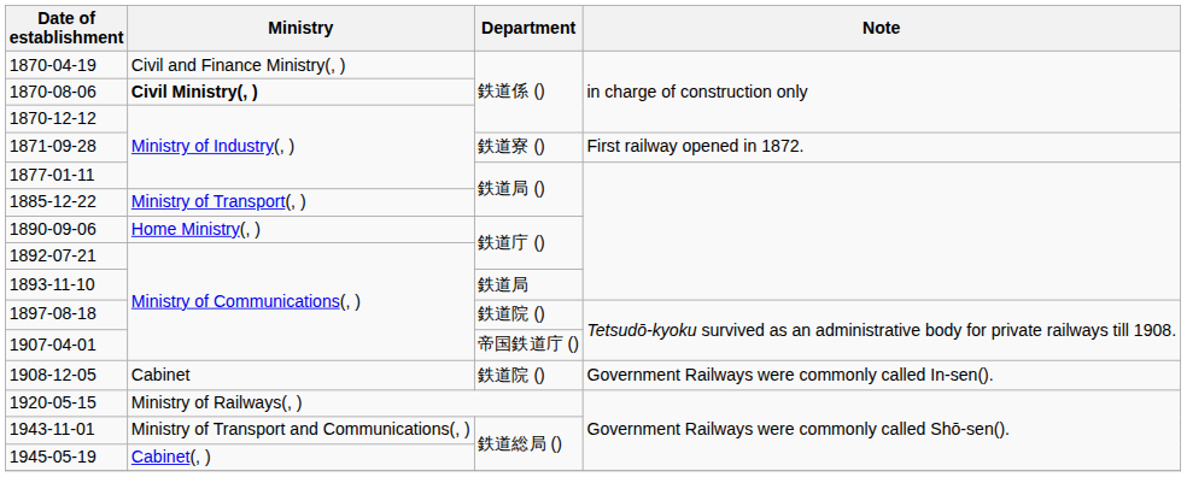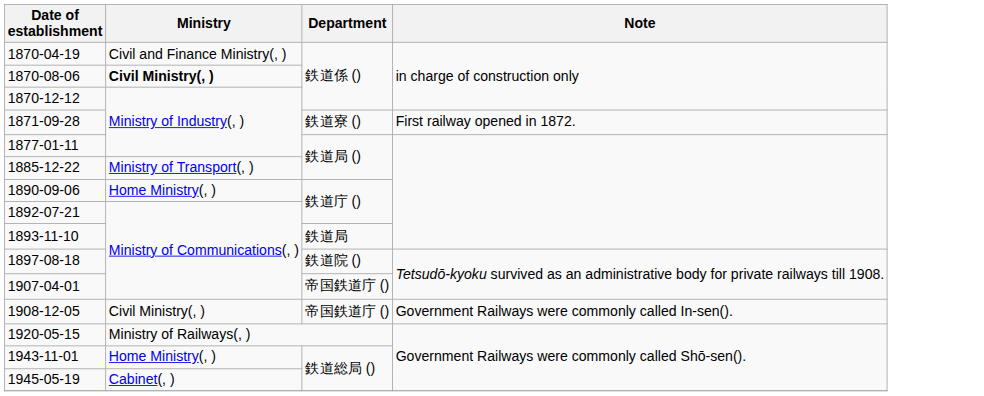 <table class="wikitable">
 <tr>
 <th>Date of<br>establishment</th>
 <th>Ministry</th>
 <th>Department</th>
 <th>Note</th>
 </tr>
 <tr>
 <td>1870-04-19</td>
 <td>Civil and Finance Ministry(, )</td>
 <td rowspan=3>鉄道係 ()</td>
 <td rowspan=3>in charge of construction only</td>
 </tr>
 <tr>
 <td>1870-08-06</td>
 <td><strong>Civil Ministry(, )</strong></td>
 </tr>
 <tr>
 <td>1870-12-12</td>
 <td rowspan=3><a href='#'> Ministry of Industry</a>(, )</td>
 </tr>
 <tr>
 <td>1871-09-28</td>
 <td>鉄道寮 ()</td>
 <td>First railway opened in 1872.</td>
 </tr>
 <tr>
 <td>1877-01-11</td>
 <td rowspan=2>鉄道局 ()</td>
 </tr>
 <tr>
 <td>1885-12-22</td>
 <td><a href='#'>Ministry of Transport</a>(, )</td>
 </tr>
 <tr>
 <td>1890-09-06</td>
 <td><a href='#'>Home Ministry</a>(, )</td>
 <td rowspan=2>鉄道庁 ()</td>
 </tr>
 <tr>
 <td>1892-07-21</td>
 <td rowspan=4><a href='#'>Ministry of Communications</a>(, )</td>
 </tr>
 <tr>
 <td>1893-11-10</td>
 <td>鉄道局</td>
 </tr>
 <tr>
 <td>1897-08-18</td>
 <td>鉄道院 ()</td>
 <td rowspan=2><em>Tetsudō-kyoku</em> survived as an administrative body for private railways till 1908.</td>
 </tr>
 <tr>
 <td>1907-04-01</td>
 <td>帝国鉄道庁 ()</td>
 </tr>
 <tr>
 <td>1908-12-05</td>
-<td>Cabinet</td>
-<td>鉄道院 ()</td>
+<td>Civil Ministry(, )</td>
+<td>帝国鉄道庁 ()</td>
 <td>Government Railways were commonly called In-sen().</td>
 </tr>
 <tr>
 <td>1920-05-15</td>
 <td colspan=2>Ministry of Railways(, )</td>
 <td rowspan=3>Government Railways were commonly called Shō-sen().</td>
 </tr>
 <tr>
 <td>1943-11-01</td>
-<td>Ministry of Transport and Communications(, )</td>
+<td><a href='#'>Home Ministry</a>(, )</td>
 <td rowspan=2>鉄道総局 ()</td>
 </tr>
 <tr>
 <td>1945-05-19</td>
 <td><a href='#'>Cabinet</a>(, )</td>
 </tr>
 <tr>
 </tr>
 </table>
